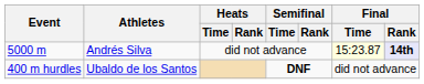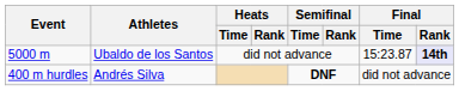 <table class="wikitable" border="1" style="font-size:90%">
 <tr>
 <th rowspan=2>Event</th>
 <th rowspan=2>Athletes</th>
 <th colspan=2>Heats</th>
 <th colspan=2>Semifinal</th>
 <th colspan=2>Final</th>
 </tr>
 <tr>
 <th>Time</th>
 <th>Rank</th>
 <th>Time</th>
 <th>Rank</th>
 <th>Time</th>
 <th>Rank</th>
 </tr>
 <tr>
 <td><a href='#'>5000 m</a></td>
-<td><a href='#'>Andrés Silva</a></td>
+<td><a href='#'>Ubaldo de los Santos</a></td>
 <td align=center colspan=4>did not advance</td>
-<td align=center style="background: lightyellow;">15:23.87</td>
+<td align=center>15:23.87</td>
 <td align=center style="background: lavender;"><strong>14th</strong></td>
 </tr>
 <tr>
 <td><a href='#'>400 m hurdles</a></td>
-<td><a href='#'>Ubaldo de los Santos</a></td>
+<td><a href='#'>Andrés Silva</a></td>
 <td colspan=2 bgcolor=wheat></td>
 <td align=center colspan=2><strong>DNF</strong></td>
 <td align=center colspan=2>did not advance</td>
 </tr>
 </table>
